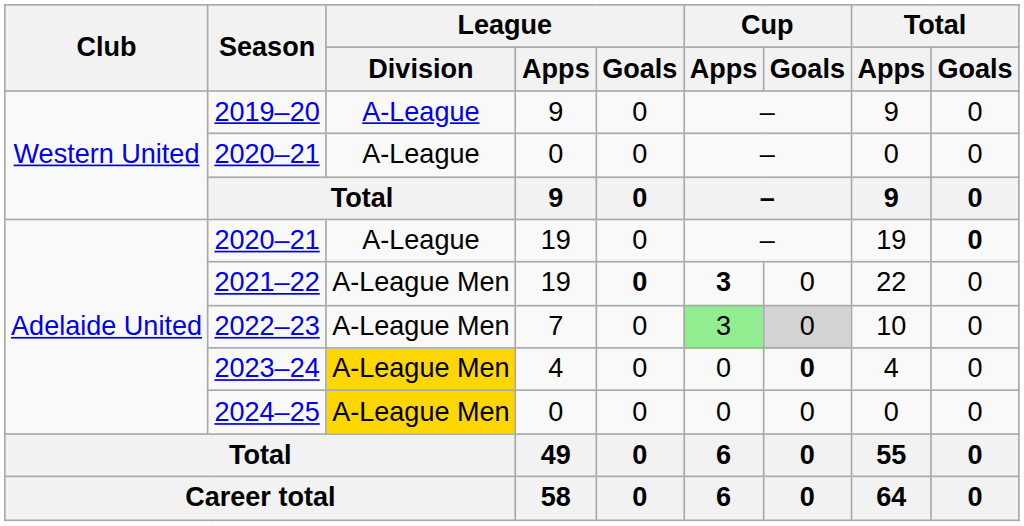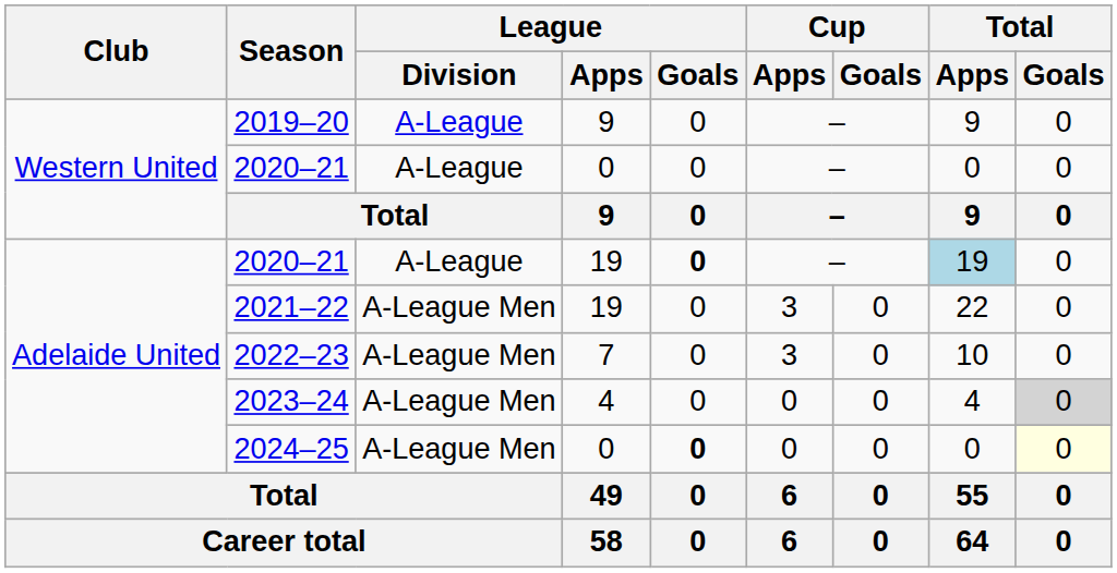 <table class="wikitable" Style="text-align: center">
 <tr>
 <th rowspan="2">Club</th>
 <th rowspan="2">Season</th>
 <th colspan="3">League</th>
 <th colspan="2">Cup</th>
 <th colspan="2">Total</th>
 </tr>
 <tr>
 <th>Division</th>
 <th>Apps</th>
 <th>Goals</th>
 <th>Apps</th>
 <th>Goals</th>
 <th>Apps</th>
 <th>Goals</th>
 </tr>
 <tr>
 <td rowspan="3"><a href='#'>Western United</a></td>
 <td><a href='#'>2019–20</a></td>
 <td><a href='#'>A-League</a></td>
 <td>9</td>
 <td>0</td>
 <td colspan="2">–</td>
 <td>9</td>
 <td>0</td>
 </tr>
 <tr>
 <td><a href='#'>2020–21</a></td>
 <td>A-League</td>
 <td>0</td>
 <td>0</td>
 <td colspan="2">–</td>
 <td>0</td>
 <td>0</td>
 </tr>
 <tr>
 <th colspan="2">Total</th>
 <th>9</th>
 <th>0</th>
 <th colspan="2">–</th>
 <th>9</th>
 <th>0</th>
 </tr>
 <tr>
 <td rowspan="5"><a href='#'>Adelaide United</a></td>
 <td><a href='#'>2020–21</a></td>
 <td>A-League</td>
 <td>19</td>
+<td><strong>0</strong></td>
+<td colspan="2">–</td>
+<td style="background: lightblue;">19</td>
 <td>0</td>
-<td colspan="2">–</td>
-<td>19</td>
-<td><strong>0</strong></td>
 </tr>
 <tr>
 <td><a href='#'>2021–22</a></td>
 <td>A-League Men</td>
 <td>19</td>
-<td><strong>0</strong></td>
-<td><strong>3</strong></td>
+<td>0</td>
+<td>3</td>
 <td>0</td>
 <td>22</td>
 <td>0</td>
 </tr>
 <tr>
 <td><a href='#'>2022–23</a></td>
 <td>A-League Men</td>
 <td>7</td>
 <td>0</td>
-<td style="background: lightgreen;">3</td>
-<td style="background: lightgrey;">0</td>
+<td>3</td>
+<td>0</td>
 <td>10</td>
 <td>0</td>
 </tr>
 <tr>
 <td><a href='#'>2023–24</a></td>
-<td style="background: gold;">A-League Men</td>
+<td>A-League Men</td>
 <td>4</td>
 <td>0</td>
 <td>0</td>
-<td><strong>0</strong></td>
+<td>0</td>
 <td>4</td>
-<td>0</td>
+<td style="background: lightgrey;">0</td>
 </tr>
 <tr>
 <td><a href='#'>2024–25</a></td>
-<td style="background: gold;">A-League Men</td>
+<td>A-League Men</td>
+<td>0</td>
+<td><strong>0</strong></td>
 <td>0</td>
 <td>0</td>
 <td>0</td>
-<td>0</td>
-<td>0</td>
-<td>0</td>
+<td style="background: lightyellow;">0</td>
 </tr>
 <tr>
 <th colspan="3">Total</th>
 <th>49</th>
 <th>0</th>
 <th>6</th>
 <th>0</th>
 <th>55</th>
 <th>0</th>
 </tr>
 <tr>
 <th colspan="3">Career total</th>
 <th>58</th>
 <th>0</th>
 <th>6</th>
 <th>0</th>
 <th>64</th>
 <th>0</th>
 </tr>
 </table>
